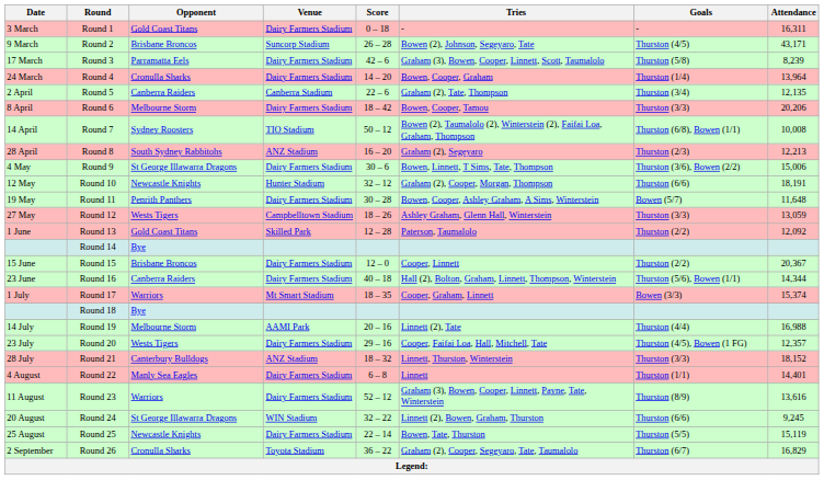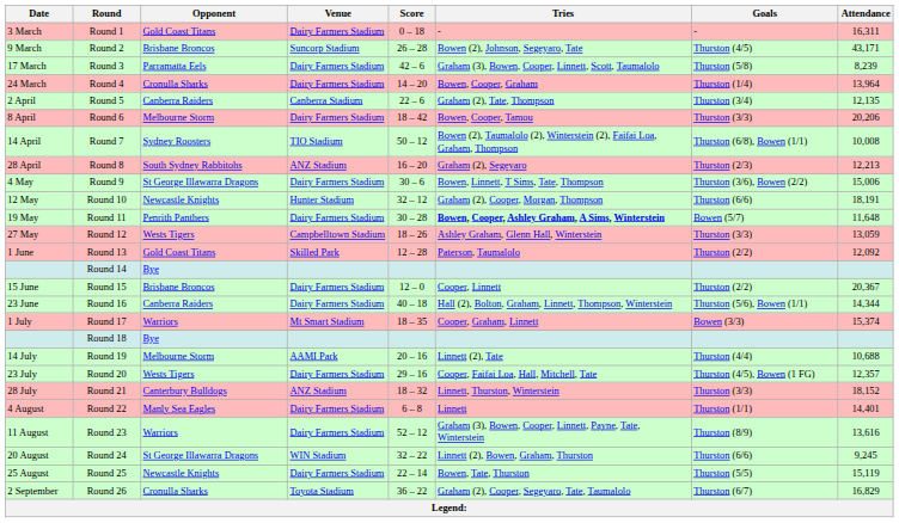 <table class="wikitable" style="font-size:75%;">
 <tr>
 <th style="width:75px;">Date</th>
 <th style="width:75px;">Round</th>
 <th style="width:170px;">Opponent</th>
 <th style="width:115px;">Venue</th>
 <th style="width:50px;">Score</th>
 <th style="width:300px;">Tries</th>
 <th style="width:170px;">Goals</th>
 <th style="width:60px;">Attendance</th>
 </tr>
 <tr style="background:#FFBBBB">
 <td>3 March</td>
 <td style="text-align:center;">Round 1</td>
 <td> <a href='#'>Gold Coast Titans</a></td>
 <td><a href='#'>Dairy Farmers Stadium</a></td>
 <td style="text-align:center;">0 – 18</td>
 <td>-</td>
 <td>-</td>
 <td style="text-align:center;">16,311</td>
 </tr>
 <tr style="background:#CCFFCC">
 <td>9 March</td>
 <td style="text-align:center;">Round 2</td>
 <td> <a href='#'>Brisbane Broncos</a></td>
 <td><a href='#'>Suncorp Stadium</a></td>
 <td style="text-align:center;">26 – 28</td>
 <td><a href='#'>Bowen</a> (2), <a href='#'>Johnson</a>, <a href='#'>Segeyaro</a>, <a href='#'>Tate</a></td>
 <td><a href='#'>Thurston</a> (4/5)</td>
 <td style="text-align:center;">43,171</td>
 </tr>
 <tr style="background:#CCFFCC">
 <td>17 March</td>
 <td style="text-align:center;">Round 3</td>
 <td> <a href='#'>Parramatta Eels</a></td>
 <td><a href='#'>Dairy Farmers Stadium</a></td>
 <td style="text-align:center;">42 – 6</td>
 <td><a href='#'>Graham</a> (3), <a href='#'>Bowen</a>, <a href='#'>Cooper</a>, <a href='#'>Linnett</a>, <a href='#'>Scott</a>, <a href='#'>Taumalolo</a></td>
 <td><a href='#'>Thurston</a> (5/8)</td>
 <td style="text-align:center;">8,239</td>
 </tr>
 <tr style="background:#FFBBBB">
 <td>24 March</td>
 <td style="text-align:center;">Round 4</td>
 <td> <a href='#'>Cronulla Sharks</a></td>
 <td><a href='#'>Dairy Farmers Stadium</a></td>
 <td style="text-align:center;">14 – 20</td>
 <td><a href='#'>Bowen</a>, <a href='#'>Cooper</a>, <a href='#'>Graham</a></td>
 <td><a href='#'>Thurston</a> (1/4)</td>
 <td style="text-align:center;">13,964</td>
 </tr>
 <tr style="background:#CCFFCC">
 <td>2 April</td>
 <td style="text-align:center;">Round 5</td>
 <td> <a href='#'>Canberra Raiders</a></td>
 <td><a href='#'>Canberra Stadium</a></td>
 <td style="text-align:center;">22 – 6</td>
 <td><a href='#'>Graham</a> (2), <a href='#'>Tate</a>, <a href='#'>Thompson</a></td>
 <td><a href='#'>Thurston</a> (3/4)</td>
 <td style="text-align:center;">12,135</td>
 </tr>
 <tr style="background:#FFBBBB">
 <td>8 April</td>
 <td style="text-align:center;">Round 6</td>
 <td> <a href='#'>Melbourne Storm</a></td>
 <td><a href='#'>Dairy Farmers Stadium</a></td>
 <td style="text-align:center;">18 – 42</td>
 <td><a href='#'>Bowen</a>, <a href='#'>Cooper</a>, <a href='#'>Tamou</a></td>
 <td><a href='#'>Thurston</a> (3/3)</td>
 <td style="text-align:center;">20,206</td>
 </tr>
 <tr style="background:#CCFFCC">
 <td>14 April</td>
 <td style="text-align:center;">Round 7</td>
 <td> <a href='#'>Sydney Roosters</a></td>
 <td><a href='#'>TIO Stadium</a></td>
 <td style="text-align:center;">50 – 12</td>
 <td><a href='#'>Bowen</a> (2), <a href='#'>Taumalolo</a> (2), <a href='#'>Winterstein</a> (2), <a href='#'>Faifai Loa</a>, <a href='#'>Graham</a>, <a href='#'>Thompson</a></td>
 <td><a href='#'>Thurston</a> (6/8), <a href='#'>Bowen</a> (1/1)</td>
 <td style="text-align:center;">10,008</td>
 </tr>
 <tr style="background:#FFBBBB">
 <td>28 April</td>
 <td style="text-align:center;">Round 8</td>
 <td> <a href='#'>South Sydney Rabbitohs</a></td>
 <td><a href='#'>ANZ Stadium</a></td>
 <td style="text-align:center;">16 – 20</td>
 <td><a href='#'>Graham</a> (2), <a href='#'>Segeyaro</a></td>
 <td><a href='#'>Thurston</a> (2/3)</td>
 <td style="text-align:center;">12,213</td>
 </tr>
 <tr style="background:#CCFFCC">
 <td>4 May</td>
 <td style="text-align:center;">Round 9</td>
 <td> <a href='#'>St George Illawarra Dragons</a></td>
 <td><a href='#'>Dairy Farmers Stadium</a></td>
 <td style="text-align:center;">30 – 6</td>
 <td><a href='#'>Bowen</a>, <a href='#'>Linnett</a>, <a href='#'>T Sims</a>, <a href='#'>Tate</a>, <a href='#'>Thompson</a></td>
 <td><a href='#'>Thurston</a> (3/6), <a href='#'>Bowen</a> (2/2)</td>
 <td style="text-align:center;">15,006</td>
 </tr>
 <tr style="background:#CCFFCC">
 <td>12 May</td>
 <td style="text-align:center;">Round 10</td>
 <td> <a href='#'>Newcastle Knights</a></td>
 <td><a href='#'>Hunter Stadium</a></td>
 <td style="text-align:center;">32 – 12</td>
 <td><a href='#'>Graham</a> (2), <a href='#'>Cooper</a>, <a href='#'>Morgan</a>, <a href='#'>Thompson</a></td>
 <td><a href='#'>Thurston</a> (6/6)</td>
 <td style="text-align:center;">18,191</td>
 </tr>
 <tr style="background:#CCFFCC">
 <td>19 May</td>
 <td style="text-align:center;">Round 11</td>
 <td> <a href='#'>Penrith Panthers</a></td>
 <td><a href='#'>Dairy Farmers Stadium</a></td>
 <td style="text-align:center;">30 – 28</td>
-<td><a href='#'>Bowen</a>, <a href='#'>Cooper</a>, <a href='#'>Ashley Graham</a>, <a href='#'>A Sims</a>, <a href='#'>Winterstein</a></td>
+<td><strong><a href='#'>Bowen</a>, <a href='#'>Cooper</a>, <a href='#'>Ashley Graham</a>, <a href='#'>A Sims</a>, <a href='#'>Winterstein</a></strong></td>
 <td><a href='#'>Bowen</a> (5/7)</td>
 <td style="text-align:center;">11,648</td>
 </tr>
 <tr style="background:#FFBBBB">
 <td>27 May</td>
 <td style="text-align:center;">Round 12</td>
 <td> <a href='#'>Wests Tigers</a></td>
 <td><a href='#'>Campbelltown Stadium</a></td>
 <td style="text-align:center;">18 – 26</td>
 <td><a href='#'>Ashley Graham</a>, <a href='#'>Glenn Hall</a>, <a href='#'>Winterstein</a></td>
 <td><a href='#'>Thurston</a> (3/3)</td>
 <td style="text-align:center;">13,059</td>
 </tr>
 <tr style="background:#FFBBBB">
 <td>1 June</td>
 <td style="text-align:center;">Round 13</td>
 <td> <a href='#'>Gold Coast Titans</a></td>
 <td><a href='#'>Skilled Park</a></td>
 <td style="text-align:center;">12 – 28</td>
 <td><a href='#'>Paterson</a>, <a href='#'>Taumalolo</a></td>
 <td><a href='#'>Thurston</a> (2/2)</td>
 <td style="text-align:center;">12,092</td>
 </tr>
 <tr style="background:#cfecec;">
 <td></td>
 <td style="text-align:center;">Round 14</td>
 <td><a href='#'>Bye</a></td>
 <td></td>
 <td></td>
 <td></td>
 <td></td>
 <td></td>
 </tr>
 <tr style="background:#CCFFCC">
 <td>15 June</td>
 <td style="text-align:center;">Round 15</td>
 <td> <a href='#'>Brisbane Broncos</a></td>
 <td><a href='#'>Dairy Farmers Stadium</a></td>
 <td style="text-align:center;">12 – 0</td>
 <td><a href='#'>Cooper</a>, <a href='#'>Linnett</a></td>
 <td><a href='#'>Thurston</a> (2/2)</td>
 <td style="text-align:center;">20,367</td>
 </tr>
 <tr style="background:#CCFFCC">
 <td>23 June</td>
 <td style="text-align:center;">Round 16</td>
 <td> <a href='#'>Canberra Raiders</a></td>
 <td><a href='#'>Dairy Farmers Stadium</a></td>
 <td style="text-align:center;">40 – 18</td>
 <td><a href='#'>Hall</a> (2), <a href='#'>Bolton</a>, <a href='#'>Graham</a>, <a href='#'>Linnett</a>, <a href='#'>Thompson</a>, <a href='#'>Winterstein</a></td>
 <td><a href='#'>Thurston</a> (5/6), <a href='#'>Bowen</a> (1/1)</td>
 <td style="text-align:center;">14,344</td>
 </tr>
 <tr style="background:#FFBBBB">
 <td>1 July</td>
 <td style="text-align:center;">Round 17</td>
 <td> <a href='#'>Warriors</a></td>
 <td><a href='#'>Mt Smart Stadium</a></td>
 <td style="text-align:center;">18 – 35</td>
 <td><a href='#'>Cooper</a>, <a href='#'>Graham</a>, <a href='#'>Linnett</a></td>
 <td><a href='#'>Bowen</a> (3/3)</td>
 <td style="text-align:center;">15,374</td>
 </tr>
 <tr style="background:#cfecec;">
 <td></td>
 <td style="text-align:center;">Round 18</td>
 <td><a href='#'>Bye</a></td>
 <td></td>
 <td></td>
 <td></td>
 <td></td>
 <td></td>
 </tr>
 <tr style="background:#CCFFCC">
 <td>14 July</td>
 <td style="text-align:center;">Round 19</td>
 <td> <a href='#'>Melbourne Storm</a></td>
 <td><a href='#'>AAMI Park</a></td>
 <td style="text-align:center;">20 – 16</td>
 <td><a href='#'>Linnett</a> (2), <a href='#'>Tate</a></td>
 <td><a href='#'>Thurston</a> (4/4)</td>
-<td style="text-align:center;">16,988</td>
+<td style="text-align:center;">10,688</td>
 </tr>
 <tr style="background:#CCFFCC">
 <td>23 July</td>
 <td style="text-align:center;">Round 20</td>
 <td> <a href='#'>Wests Tigers</a></td>
 <td><a href='#'>Dairy Farmers Stadium</a></td>
 <td style="text-align:center;">29 – 16</td>
 <td><a href='#'>Cooper</a>, <a href='#'>Faifai Loa</a>, <a href='#'>Hall</a>, <a href='#'>Mitchell</a>, <a href='#'>Tate</a></td>
 <td><a href='#'>Thurston</a> (4/5), <a href='#'>Bowen</a> (1 FG)</td>
 <td style="text-align:center;">12,357</td>
 </tr>
 <tr style="background:#FFBBBB">
 <td>28 July</td>
 <td style="text-align:center;">Round 21</td>
 <td> <a href='#'>Canterbury Bulldogs</a></td>
 <td><a href='#'>ANZ Stadium</a></td>
 <td style="text-align:center;">18 – 32</td>
 <td><a href='#'>Linnett</a>, <a href='#'>Thurston</a>, <a href='#'>Winterstein</a></td>
 <td><a href='#'>Thurston</a> (3/3)</td>
 <td style="text-align:center;">18,152</td>
 </tr>
 <tr style="background:#FFBBBB">
 <td>4 August</td>
 <td style="text-align:center;">Round 22</td>
 <td> <a href='#'>Manly Sea Eagles</a></td>
 <td><a href='#'>Dairy Farmers Stadium</a></td>
 <td style="text-align:center;">6 – 8</td>
 <td><a href='#'>Linnett</a></td>
 <td><a href='#'>Thurston</a> (1/1)</td>
 <td style="text-align:center;">14,401</td>
 </tr>
 <tr style="background:#CCFFCC">
 <td>11 August</td>
 <td style="text-align:center;">Round 23</td>
 <td> <a href='#'>Warriors</a></td>
 <td><a href='#'>Dairy Farmers Stadium</a></td>
 <td style="text-align:center;">52 – 12</td>
 <td><a href='#'>Graham</a> (3), <a href='#'>Bowen</a>, <a href='#'>Cooper</a>, <a href='#'>Linnett</a>, <a href='#'>Payne</a>, <a href='#'>Tate</a>, <a href='#'>Winterstein</a></td>
 <td><a href='#'>Thurston</a> (8/9)</td>
 <td style="text-align:center;">13,616</td>
 </tr>
 <tr style="background:#CCFFCC">
 <td>20 August</td>
 <td style="text-align:center;">Round 24</td>
 <td> <a href='#'>St George Illawarra Dragons</a></td>
 <td><a href='#'>WIN Stadium</a></td>
 <td style="text-align:center;">32 – 22</td>
 <td><a href='#'>Linnett</a> (2), <a href='#'>Bowen</a>, <a href='#'>Graham</a>, <a href='#'>Thurston</a></td>
 <td><a href='#'>Thurston</a> (6/6)</td>
 <td style="text-align:center;">9,245</td>
 </tr>
 <tr style="background:#CCFFCC">
 <td>25 August</td>
 <td style="text-align:center;">Round 25</td>
 <td> <a href='#'>Newcastle Knights</a></td>
 <td><a href='#'>Dairy Farmers Stadium</a></td>
 <td style="text-align:center;">22 – 14</td>
 <td><a href='#'>Bowen</a>, <a href='#'>Tate</a>, <a href='#'>Thurston</a></td>
 <td><a href='#'>Thurston</a> (5/5)</td>
 <td style="text-align:center;">15,119</td>
 </tr>
 <tr style="background:#CCFFCC">
 <td>2 September</td>
 <td style="text-align:center;">Round 26</td>
 <td> <a href='#'>Cronulla Sharks</a></td>
 <td><a href='#'>Toyota Stadium</a></td>
 <td style="text-align:center;">36 – 22</td>
 <td><a href='#'>Graham</a> (2), <a href='#'>Cooper</a>, <a href='#'>Segeyaro</a>, <a href='#'>Tate</a>, <a href='#'>Taumalolo</a></td>
 <td><a href='#'>Thurston</a> (6/7)</td>
 <td style="text-align:center;">16,829</td>
 </tr>
 <tr>
 <th colspan="11"><strong>Legend</strong>:    </th>
 </tr>
 </table>
